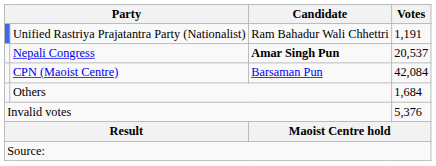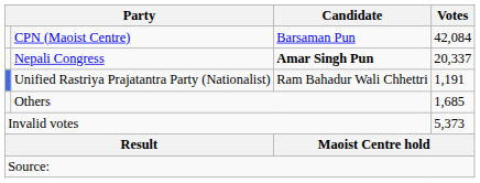 <table class="wikitable">
 <tr>
 <th colspan="2">Party</th>
 <th>Candidate</th>
 <th>Votes</th>
+</tr>
+<tr>
+<td style="background-color:"></td>
+<td><a href='#'>CPN (Maoist Centre)</a></td>
+<td><a href='#'>Barsaman Pun</a></td>
+<td>42,084</td>
+</tr>
+<tr>
+<td style="background-color:"></td>
+<td><a href='#'>Nepali Congress</a></td>
+<td><strong>Amar Singh Pun</strong></td>
+<td>20,337</td>
 </tr>
 <tr>
 <td style="background-color:royalblue"></td>
 <td>Unified Rastriya Prajatantra Party (Nationalist)</td>
 <td>Ram Bahadur Wali Chhettri</td>
 <td>1,191</td>
 </tr>
 <tr>
-<td style="background-color:"></td>
-<td><a href='#'>Nepali Congress</a></td>
-<td><strong>Amar Singh Pun</strong></td>
-<td>20,537</td>
-</tr>
-<tr>
-<td style="background-color:"></td>
-<td><a href='#'>CPN (Maoist Centre)</a></td>
-<td><a href='#'>Barsaman Pun</a></td>
-<td>42,084</td>
-</tr>
-<tr>
 <td></td>
 <td colspan="2">Others</td>
-<td>1,684</td>
+<td>1,685</td>
 </tr>
 <tr>
 <td colspan="3">Invalid votes</td>
-<td>5,376</td>
+<td>5,373</td>
 </tr>
 <tr>
 <th colspan="2">Result</th>
 <th colspan="2">Maoist Centre hold</th>
 </tr>
 <tr>
 <td colspan="4">Source: </td>
 </tr>
 </table>
